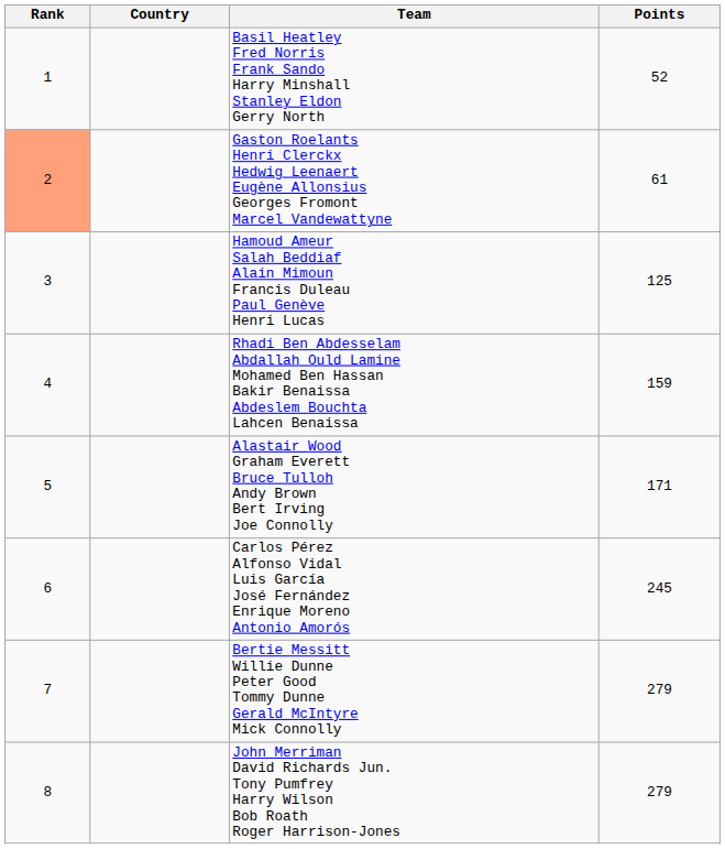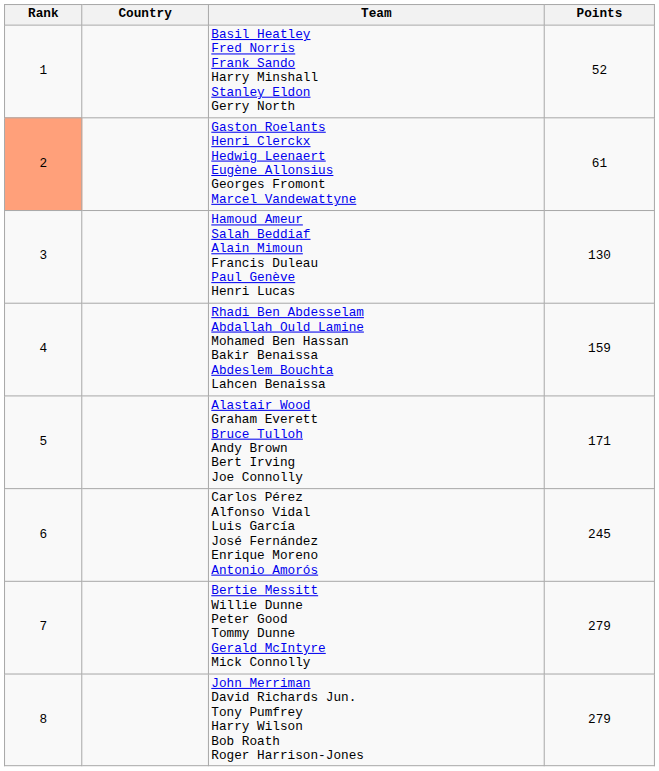 <table class="wikitable sortable" style=" text-align:center; font-size:95%;" width="50%">
 <tr>
 <th>Rank</th>
 <th>Country</th>
 <th>Team</th>
 <th>Points</th>
 </tr>
 <tr>
 <td align=center>1</td>
 <td align=left></td>
 <td align=left><a href='#'>Basil Heatley</a><br><a href='#'>Fred Norris</a><br><a href='#'>Frank Sando</a><br>Harry Minshall<br><a href='#'>Stanley Eldon</a><br>Gerry North</td>
 <td>52</td>
 </tr>
 <tr>
 <td align=center style="background: lightsalmon;">2</td>
 <td align=left></td>
 <td align=left><a href='#'>Gaston Roelants</a><br><a href='#'>Henri Clerckx</a><br><a href='#'>Hedwig Leenaert</a><br><a href='#'>Eugène Allonsius</a><br>Georges Fromont<br><a href='#'>Marcel Vandewattyne</a></td>
 <td>61</td>
 </tr>
 <tr>
 <td align=center>3</td>
 <td align=left></td>
 <td align=left><a href='#'>Hamoud Ameur</a><br><a href='#'>Salah Beddiaf</a><br><a href='#'>Alain Mimoun</a><br>Francis Duleau<br><a href='#'>Paul Genève</a><br>Henri Lucas</td>
-<td>125</td>
+<td>130</td>
 </tr>
 <tr>
 <td align=center>4</td>
 <td align=left></td>
 <td align=left><a href='#'>Rhadi Ben Abdesselam</a><br><a href='#'>Abdallah Ould Lamine</a><br>Mohamed Ben Hassan<br>Bakir Benaissa<br><a href='#'>Abdeslem Bouchta</a><br>Lahcen Benaissa</td>
 <td>159</td>
 </tr>
 <tr>
 <td align=center>5</td>
 <td align=left></td>
 <td align=left><a href='#'>Alastair Wood</a><br>Graham Everett<br><a href='#'>Bruce Tulloh</a><br>Andy Brown<br>Bert Irving<br>Joe Connolly</td>
 <td>171</td>
 </tr>
 <tr>
 <td align=center>6</td>
 <td align=left></td>
 <td align=left>Carlos Pérez<br>Alfonso Vidal<br>Luis García<br>José Fernández<br>Enrique Moreno<br><a href='#'>Antonio Amorós</a></td>
 <td>245</td>
 </tr>
 <tr>
 <td align=center>7</td>
 <td align=left></td>
 <td align=left><a href='#'>Bertie Messitt</a><br>Willie Dunne<br>Peter Good<br>Tommy Dunne<br><a href='#'>Gerald McIntyre</a><br>Mick Connolly</td>
 <td>279</td>
 </tr>
 <tr>
 <td align=center>8</td>
 <td align=left></td>
 <td align=left><a href='#'>John Merriman</a><br>David Richards Jun.<br>Tony Pumfrey<br>Harry Wilson<br>Bob Roath<br>Roger Harrison-Jones</td>
 <td>279</td>
 </tr>
 </table>
